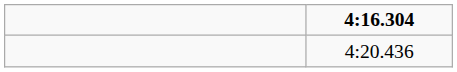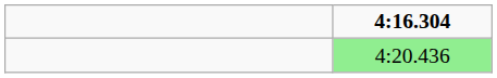 <table class="wikitable" style="text-align:center;">
 <tr>
 <td style="width:15em" align=left></td>
 <td style="width:7em;"><strong>4:16.304</strong></td>
 </tr>
 <tr>
 <td align=left></td>
-<td>4:20.436</td>
+<td style="background: lightgreen;">4:20.436</td>
 </tr>
 </table>
